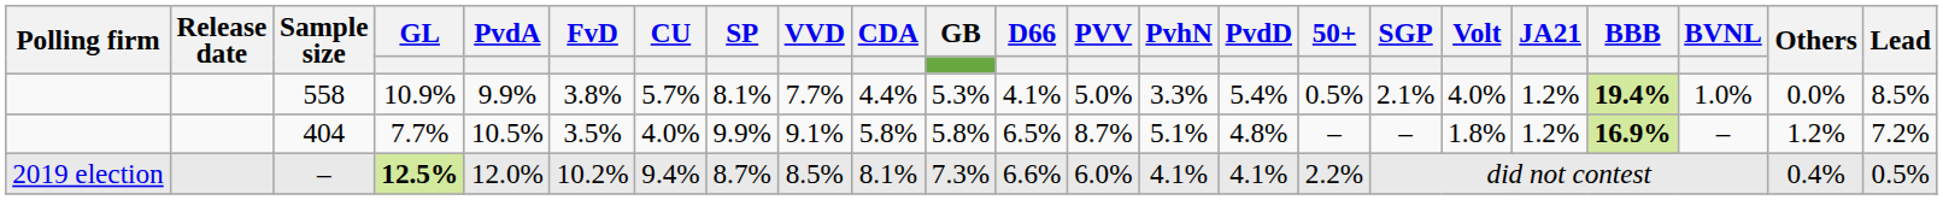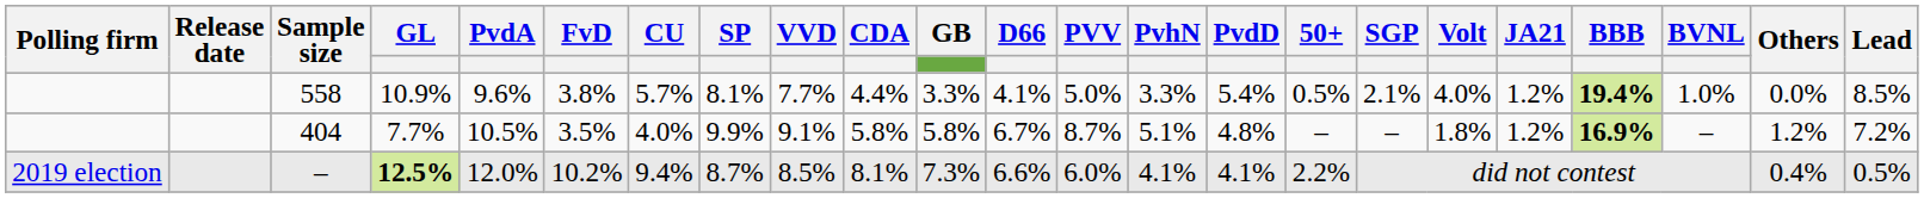 <table class="wikitable sortable tpl-blanktable" style="text-align:center;font-size:90%;line-height:14px;">
 <tr>
 <th rowspan="2">Polling firm</th>
 <th rowspan="2">Release<br>date</th>
 <th rowspan="2">Sample<br>size</th>
 <th class="unsortable" style="width:30px;"><a href='#'>GL</a></th>
 <th class="unsortable" style="width:30px;"><a href='#'>PvdA</a></th>
 <th class="unsortable" style="width:30px;"><a href='#'>FvD</a></th>
 <th class="unsortable" style="width:30px;"><a href='#'>CU</a></th>
 <th class="unsortable" style="width:30px;"><a href='#'>SP</a></th>
 <th class="unsortable" style="width:30px;"><a href='#'>VVD</a></th>
 <th class="unsortable" style="width:30px;"><a href='#'>CDA</a></th>
 <th class="unsortable" style="width:30px;">GB </th>
 <th class="unsortable" style="width:30px;"><a href='#'>D66</a></th>
 <th class="unsortable" style="width:30px;"><a href='#'>PVV</a></th>
 <th class="unsortable" style="width:30px;"><a href='#'>PvhN</a></th>
 <th class="unsortable" style="width:30px;"><a href='#'>PvdD</a></th>
 <th class="unsortable" style="width:30px;"><a href='#'>50+</a></th>
 <th class="unsortable" style="width:30px;"><a href='#'>SGP</a></th>
 <th class="unsortable" style="width:30px;"><a href='#'>Volt</a></th>
 <th class="unsortable" style="width:30px;"><a href='#'>JA21</a></th>
 <th class="unsortable" style="width:30px;"><a href='#'>BBB</a></th>
 <th class="unsortable" style="width:30px;"><a href='#'>BVNL</a></th>
 <th class="unsortable" style="width:30px;" rowspan="2">Others</th>
 <th rowspan="2">Lead</th>
 </tr>
 <tr>
 <th data-sort-type="number" style="background:"></th>
 <th data-sort-type="number" style="background:"></th>
 <th data-sort-type="number" style="background:"></th>
 <th data-sort-type="number" style="background:"></th>
 <th data-sort-type="number" style="background:"></th>
 <th data-sort-type="number" style="background:"></th>
 <th data-sort-type="number" style="background:"></th>
 <th data-sort-type="number" style="background:#69a841;"></th>
 <th data-sort-type="number" style="background:"></th>
 <th data-sort-type="number" style="background:"></th>
 <th data-sort-type="number" style="background:"></th>
 <th data-sort-type="number" style="background:"></th>
 <th data-sort-type="number" style="background:"></th>
 <th data-sort-type="number" style="background:"></th>
 <th data-sort-type="number" style="background:"></th>
 <th data-sort-type="number" style="background:"></th>
 <th data-sort-type="number" style="background:"></th>
 <th data-sort-type="number" style="background:"></th>
 </tr>
 <tr>
 <td></td>
 <td></td>
 <td>558</td>
 <td>10.9%</td>
-<td>9.9%</td>
+<td>9.6%</td>
 <td>3.8%</td>
 <td>5.7%</td>
 <td>8.1%</td>
 <td>7.7%</td>
 <td>4.4%</td>
-<td>5.3%</td>
+<td>3.3%</td>
 <td>4.1%</td>
 <td>5.0%</td>
 <td>3.3%</td>
 <td>5.4%</td>
 <td>0.5%</td>
 <td>2.1%</td>
 <td>4.0%</td>
 <td>1.2%</td>
 <td style="background:#d3ea9e;"><strong>19.4%</strong></td>
 <td>1.0%</td>
 <td>0.0%</td>
 <td style="background:">8.5%</td>
 </tr>
 <tr>
 <td></td>
 <td></td>
 <td>404</td>
 <td>7.7%</td>
 <td>10.5%</td>
 <td>3.5%</td>
 <td>4.0%</td>
 <td>9.9%</td>
 <td>9.1%</td>
 <td>5.8%</td>
 <td>5.8%</td>
-<td>6.5%</td>
+<td>6.7%</td>
 <td>8.7%</td>
 <td>5.1%</td>
 <td>4.8%</td>
 <td>–</td>
 <td>–</td>
 <td>1.8%</td>
 <td>1.2%</td>
 <td style="background:#d3ea9e;"><strong>16.9%</strong></td>
 <td>–</td>
 <td>1.2%</td>
 <td style="background:">7.2%</td>
 </tr>
 <tr style="background:#E9E9E9;">
 <td><a href='#'>2019 election</a></td>
 <td></td>
 <td>–</td>
 <td style="background:#d3ea9e;"><strong>12.5%</strong></td>
 <td>12.0%</td>
 <td>10.2%</td>
 <td>9.4%</td>
 <td>8.7%</td>
 <td>8.5%</td>
 <td>8.1%</td>
 <td>7.3%</td>
 <td>6.6%</td>
 <td>6.0%</td>
 <td>4.1%</td>
 <td>4.1%</td>
 <td>2.2%</td>
 <td colspan=5><em>did not contest</em></td>
 <td>0.4%</td>
 <td style="background:">0.5%</td>
 </tr>
 </table>
